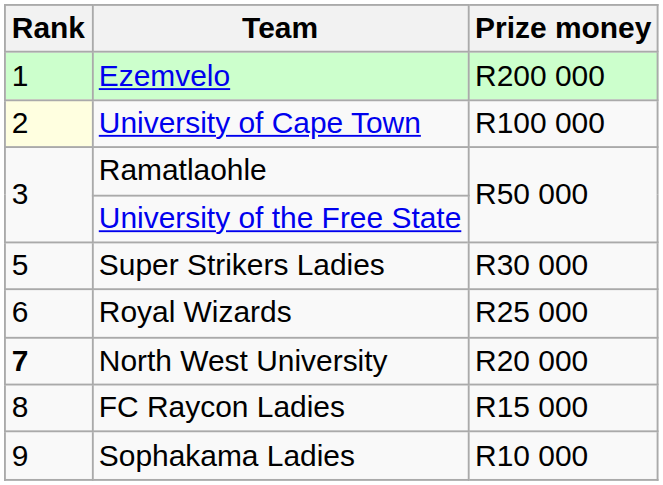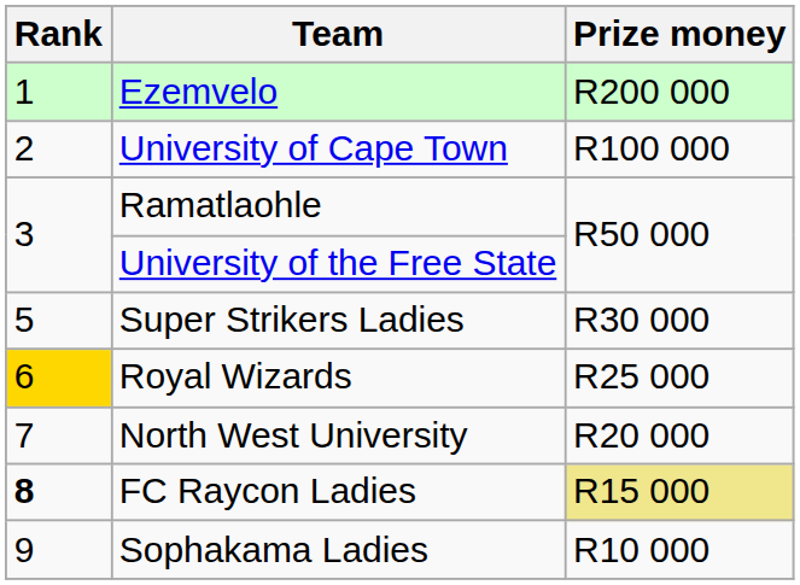 <table class="wikitable">
 <tr>
 <th>Rank</th>
 <th>Team</th>
 <th>Prize money</th>
 </tr>
 <tr bgcolor=#CCFFCC>
 <td>1</td>
 <td><a href='#'>Ezemvelo</a></td>
 <td>R200 000</td>
 </tr>
 <tr>
-<td style="background: lightyellow;">2</td>
+<td>2</td>
 <td><a href='#'>University of Cape Town</a></td>
 <td>R100 000</td>
 </tr>
 <tr>
 <td rowspan="2">3</td>
 <td>Ramatlaohle</td>
 <td rowspan="2">R50 000</td>
 </tr>
 <tr>
 <td><a href='#'>University of the Free State</a></td>
 </tr>
 <tr>
 <td>5</td>
 <td>Super Strikers Ladies</td>
 <td>R30 000</td>
 </tr>
 <tr>
-<td>6</td>
+<td style="background: gold;">6</td>
 <td>Royal Wizards</td>
 <td>R25 000</td>
 </tr>
 <tr>
-<td><strong>7</strong></td>
+<td>7</td>
 <td>North West University</td>
 <td>R20 000</td>
 </tr>
 <tr>
-<td>8</td>
+<td><strong>8</strong></td>
 <td>FC Raycon Ladies</td>
-<td>R15 000</td>
+<td style="background: khaki;">R15 000</td>
 </tr>
 <tr>
 <td>9</td>
 <td>Sophakama Ladies</td>
 <td>R10 000</td>
 </tr>
 </table>
